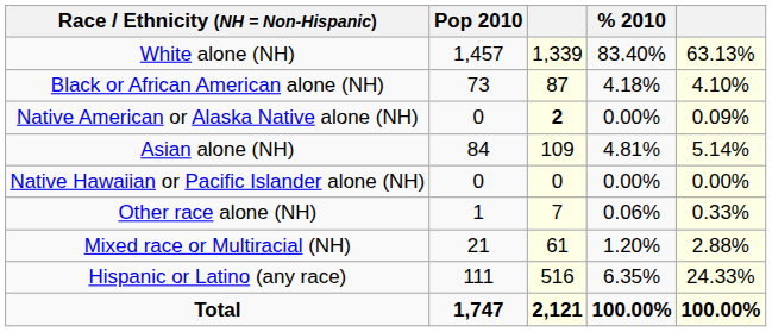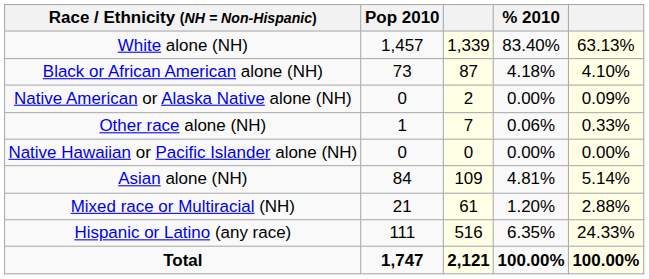 <table class="wikitable" style="text-align:center;">
 <tr>
 <th>Race / Ethnicity <small>(<em>NH = Non-Hispanic</em>)</small></th>
 <th>Pop 2010</th>
 <th></th>
 <th>% 2010</th>
 <th></th>
 </tr>
 <tr>
 <td><a href='#'>White</a> alone (NH)</td>
 <td>1,457</td>
 <td style='background: #ffffe6;'>1,339</td>
 <td>83.40%</td>
 <td style='background: #ffffe6;'>63.13%</td>
 </tr>
 <tr>
 <td><a href='#'>Black or African American</a> alone (NH)</td>
 <td>73</td>
 <td style='background: #ffffe6;'>87</td>
 <td>4.18%</td>
 <td style='background: #ffffe6;'>4.10%</td>
 </tr>
 <tr>
 <td><a href='#'>Native American</a> or <a href='#'>Alaska Native</a> alone (NH)</td>
 <td>0</td>
-<td style='background: #ffffe6;'><strong>2</strong></td>
+<td style='background: #ffffe6;'>2</td>
 <td>0.00%</td>
 <td style='background: #ffffe6;'>0.09%</td>
 </tr>
 <tr>
-<td><a href='#'>Asian</a> alone (NH)</td>
-<td>84</td>
-<td style='background: #ffffe6;'>109</td>
-<td>4.81%</td>
-<td style='background: #ffffe6;'>5.14%</td>
+<td><a href='#'>Other race</a> alone (NH)</td>
+<td>1</td>
+<td style='background: #ffffe6;'>7</td>
+<td>0.06%</td>
+<td style='background: #ffffe6;'>0.33%</td>
 </tr>
 <tr>
 <td><a href='#'>Native Hawaiian</a> or <a href='#'>Pacific Islander</a> alone (NH)</td>
 <td>0</td>
 <td style='background: #ffffe6;'>0</td>
 <td>0.00%</td>
 <td style='background: #ffffe6;'>0.00%</td>
 </tr>
 <tr>
-<td><a href='#'>Other race</a> alone (NH)</td>
-<td>1</td>
-<td style='background: #ffffe6;'>7</td>
-<td>0.06%</td>
-<td style='background: #ffffe6;'>0.33%</td>
+<td><a href='#'>Asian</a> alone (NH)</td>
+<td>84</td>
+<td style='background: #ffffe6;'>109</td>
+<td>4.81%</td>
+<td style='background: #ffffe6;'>5.14%</td>
 </tr>
 <tr>
 <td><a href='#'>Mixed race or Multiracial</a> (NH)</td>
 <td>21</td>
 <td style='background: #ffffe6;'>61</td>
 <td>1.20%</td>
 <td style='background: #ffffe6;'>2.88%</td>
 </tr>
 <tr>
 <td><a href='#'>Hispanic or Latino</a> (any race)</td>
 <td>111</td>
 <td style='background: #ffffe6;'>516</td>
 <td>6.35%</td>
 <td style='background: #ffffe6;'>24.33%</td>
 </tr>
 <tr>
 <td><strong>Total</strong></td>
 <td><strong>1,747</strong></td>
 <td style='background: #ffffe6;'><strong>2,121</strong></td>
 <td><strong>100.00%</strong></td>
 <td style='background: #ffffe6;'><strong>100.00%</strong></td>
 </tr>
 </table>
